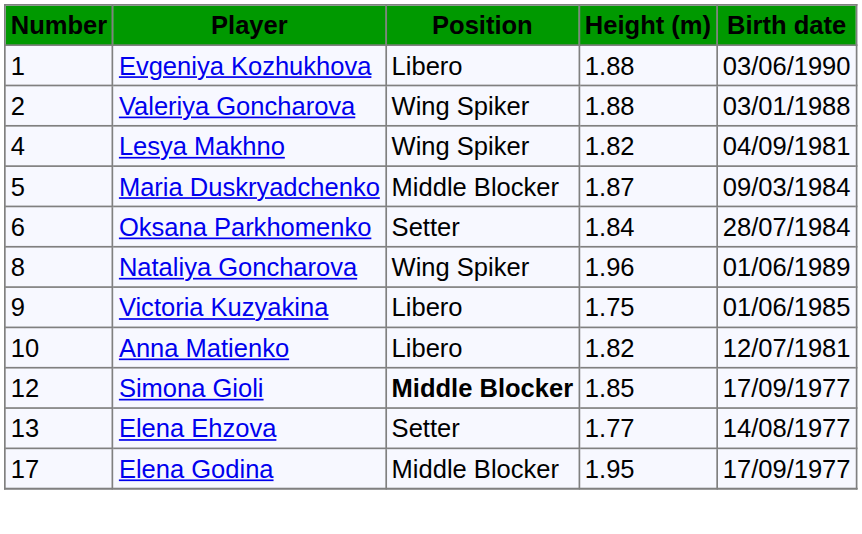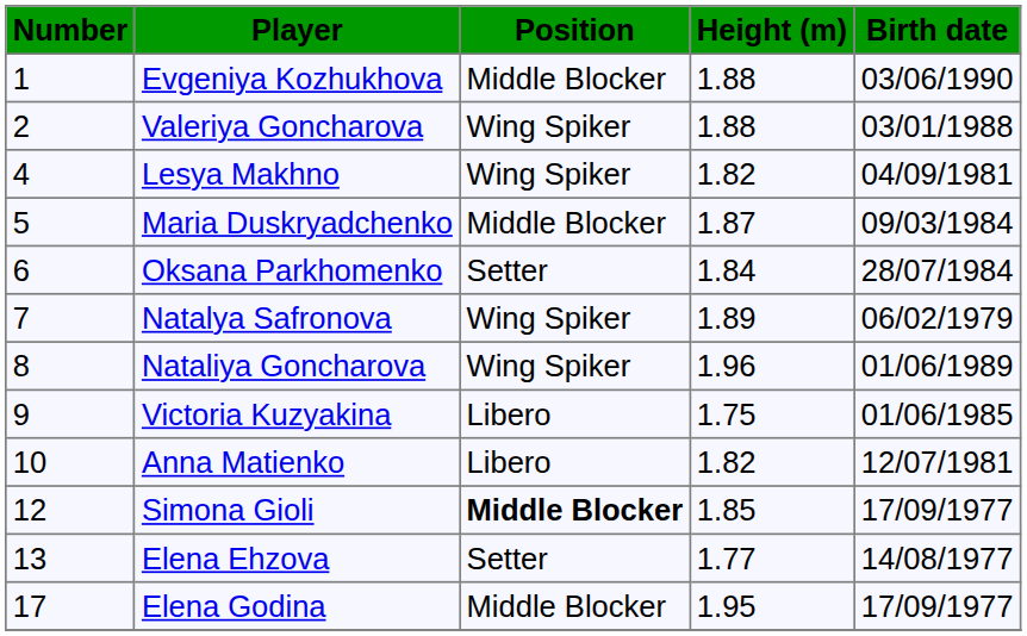 <table bgcolor="#f7f8ff" cellpadding="3" cellspacing="0" border="1" style="font-size: 95%; border: gray solid 1px; border-collapse: collapse;">
 <tr bgcolor="#009900">
 <td align=center><strong>Number</strong></td>
 <td align=center><strong>Player</strong></td>
 <td align=center><strong>Position</strong></td>
 <td align=center><strong>Height (m)</strong></td>
 <td align=center><strong>Birth date</strong></td>
 </tr>
 <tr align=left>
 <td>1</td>
 <td> <a href='#'>Evgeniya Kozhukhova</a></td>
-<td>Libero</td>
+<td>Middle Blocker</td>
 <td>1.88</td>
 <td>03/06/1990</td>
 </tr>
 <tr align="lef">
 <td>2</td>
 <td> <a href='#'>Valeriya Goncharova</a></td>
 <td>Wing Spiker</td>
 <td>1.88</td>
 <td>03/01/1988</td>
 </tr>
 <tr align="left">
 <td>4</td>
 <td> <a href='#'>Lesya Makhno</a></td>
 <td>Wing Spiker</td>
 <td>1.82</td>
 <td>04/09/1981</td>
 </tr>
 <tr align="left">
 <td>5</td>
 <td> <a href='#'>Maria Duskryadchenko</a></td>
 <td>Middle Blocker</td>
 <td>1.87</td>
 <td>09/03/1984</td>
 </tr>
 <tr align="left">
 <td>6</td>
 <td> <a href='#'>Oksana Parkhomenko</a></td>
 <td>Setter</td>
 <td>1.84</td>
 <td>28/07/1984</td>
+</tr>
+<tr align="left">
+<td>7</td>
+<td> <a href='#'>Natalya Safronova</a></td>
+<td>Wing Spiker</td>
+<td>1.89</td>
+<td>06/02/1979</td>
 </tr>
 <tr align="left">
 <td>8</td>
 <td> <a href='#'>Nataliya Goncharova</a></td>
 <td>Wing Spiker</td>
 <td>1.96</td>
 <td>01/06/1989</td>
 </tr>
 <tr align="left">
 <td>9</td>
 <td> <a href='#'>Victoria Kuzyakina</a></td>
 <td>Libero</td>
 <td>1.75</td>
 <td>01/06/1985</td>
 </tr>
 <tr align="left">
 <td>10</td>
 <td> <a href='#'>Anna Matienko</a></td>
 <td>Libero</td>
 <td>1.82</td>
 <td>12/07/1981</td>
 </tr>
 <tr align="lef">
 <td>12</td>
 <td> <a href='#'>Simona Gioli</a></td>
 <td><strong>Middle Blocker</strong></td>
 <td>1.85</td>
 <td>17/09/1977</td>
 </tr>
 <tr align="lef">
 <td>13</td>
 <td> <a href='#'>Elena Ehzova</a></td>
 <td>Setter</td>
 <td>1.77</td>
 <td>14/08/1977</td>
 </tr>
 <tr align="lef">
 <td>17</td>
 <td> <a href='#'>Elena Godina</a></td>
 <td>Middle Blocker</td>
 <td>1.95</td>
 <td>17/09/1977</td>
 </tr>
 <tr align="lef">
 </tr>
 </table>
